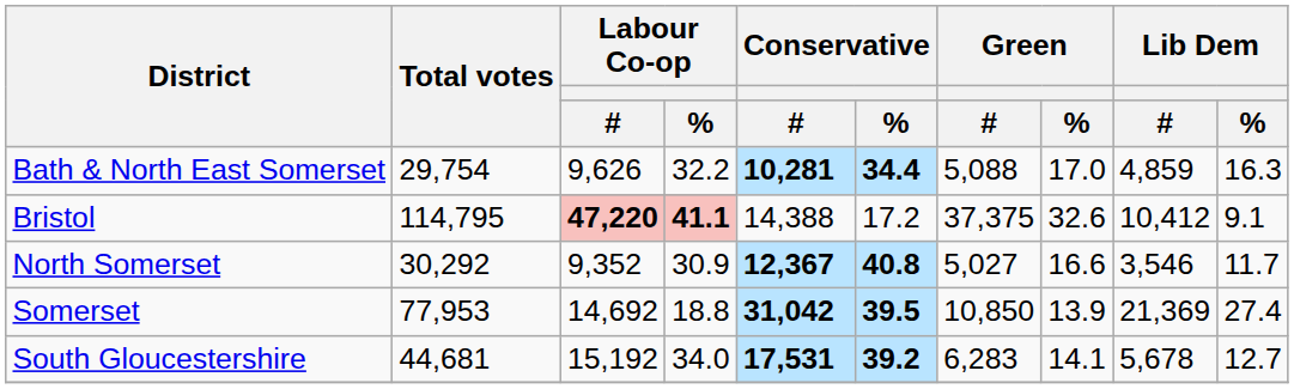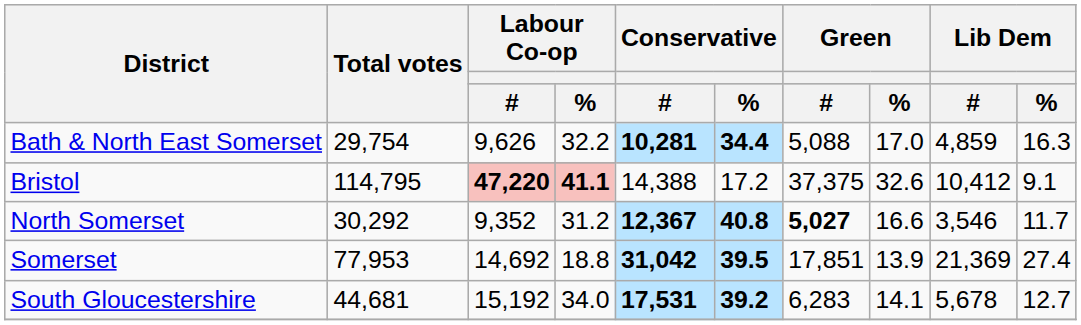 <table class="wikitable sortable">
 <tr>
 <th rowspan=3>District</th>
 <th rowspan=3>Total votes</th>
 <th colspan="2">Labour<br>Co-op</th>
 <th colspan="2">Conservative</th>
 <th colspan="2">Green</th>
 <th colspan="2">Lib Dem</th>
 </tr>
 <tr>
 <th colspan="2" style="background:"></th>
 <th colspan="2" style="background:"></th>
 <th colspan="2" style="background:"></th>
 <th colspan="2" style="background:"></th>
 </tr>
 <tr>
 <th>#</th>
 <th>%</th>
 <th>#</th>
 <th>%</th>
 <th>#</th>
 <th>%</th>
 <th>#</th>
 <th>%</th>
 </tr>
 <tr>
 <td><a href='#'>Bath & North East Somerset</a></td>
 <td>29,754</td>
 <td>9,626</td>
 <td>32.2</td>
 <td style="background:#B9E4FF;"><strong>10,281</strong></td>
 <td style="background:#B9E4FF;"><strong>34.4</strong></td>
 <td>5,088</td>
 <td>17.0</td>
 <td>4,859</td>
 <td>16.3</td>
 </tr>
 <tr>
 <td><a href='#'>Bristol</a></td>
 <td>114,795</td>
 <td style="background:#F8C1BE;"><strong>47,220</strong></td>
 <td style="background:#F8C1BE;"><strong>41.1</strong></td>
 <td>14,388</td>
 <td>17.2</td>
 <td>37,375</td>
 <td>32.6</td>
 <td>10,412</td>
 <td>9.1</td>
 </tr>
 <tr>
 <td><a href='#'>North Somerset</a></td>
 <td>30,292</td>
 <td>9,352</td>
-<td>30.9</td>
+<td>31.2</td>
 <td style="background:#B9E4FF;"><strong>12,367</strong></td>
 <td style="background:#B9E4FF;"><strong>40.8</strong></td>
-<td>5,027</td>
+<td><strong>5,027</strong></td>
 <td>16.6</td>
 <td>3,546</td>
 <td>11.7</td>
 </tr>
 <tr>
 <td><a href='#'>Somerset</a></td>
 <td>77,953</td>
 <td>14,692</td>
 <td>18.8</td>
 <td style="background:#B9E4FF;"><strong>31,042</strong></td>
 <td style="background:#B9E4FF;"><strong>39.5</strong></td>
-<td>10,850</td>
+<td>17,851</td>
 <td>13.9</td>
 <td>21,369</td>
 <td>27.4</td>
 </tr>
 <tr>
 <td><a href='#'>South Gloucestershire</a></td>
 <td>44,681</td>
 <td>15,192</td>
 <td>34.0</td>
 <td style="background:#B9E4FF;"><strong>17,531</strong></td>
 <td style="background:#B9E4FF;"><strong>39.2</strong></td>
 <td>6,283</td>
 <td>14.1</td>
 <td>5,678</td>
 <td>12.7</td>
 </tr>
 <tr>
 </tr>
 </table>
